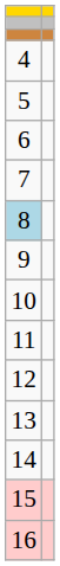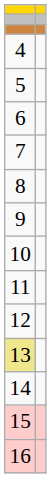 <table class="wikitable">
 <tr style="background:gold;">
 <td align=center></td>
 <td></td>
 </tr>
 <tr style="background:silver;">
 <td align=center></td>
 <td></td>
 </tr>
 <tr style="background:peru;">
 <td align=center></td>
 <td></td>
 </tr>
 <tr>
 <td align=center>4</td>
 <td></td>
 </tr>
 <tr>
 <td align=center>5</td>
 <td></td>
 </tr>
 <tr>
 <td align=center>6</td>
 <td></td>
 </tr>
 <tr>
 <td align=center>7</td>
 <td></td>
 </tr>
 <tr>
-<td align=center style="background: lightblue;">8</td>
+<td align=center>8</td>
 <td></td>
 </tr>
 <tr>
 <td align=center>9</td>
 <td></td>
 </tr>
 <tr>
 <td align=center>10</td>
 <td></td>
 </tr>
 <tr>
 <td align=center>11</td>
 <td></td>
 </tr>
 <tr>
 <td align=center>12</td>
 <td></td>
 </tr>
 <tr>
-<td align=center>13</td>
+<td align=center style="background: khaki;">13</td>
 <td></td>
 </tr>
 <tr>
 <td align=center>14</td>
 <td></td>
 </tr>
 <tr style="background:#fcc;">
 <td align=center>15</td>
 <td></td>
 </tr>
 <tr style="background:#fcc;">
 <td align=center>16</td>
 <td></td>
 </tr>
 </table>
